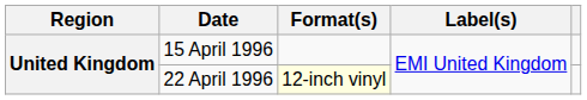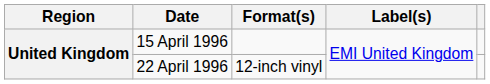 <table class="wikitable plainrowheaders">
 <tr>
 <th scope="col">Region</th>
 <th scope="col">Date</th>
 <th scope="col">Format(s)</th>
 <th scope="col">Label(s)</th>
 <th scope="col"></th>
 </tr>
 <tr>
 <th scope="row" rowspan="2">United Kingdom</th>
 <td>15 April 1996</td>
 <td></td>
 <td rowspan="2"><a href='#'>EMI United Kingdom</a></td>
 <td></td>
 </tr>
 <tr>
 <td>22 April 1996</td>
-<td style="background: lightyellow;">12-inch vinyl</td>
+<td>12-inch vinyl</td>
 <td></td>
 </tr>
 </table>
